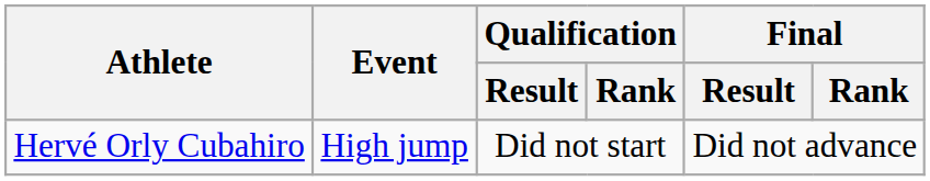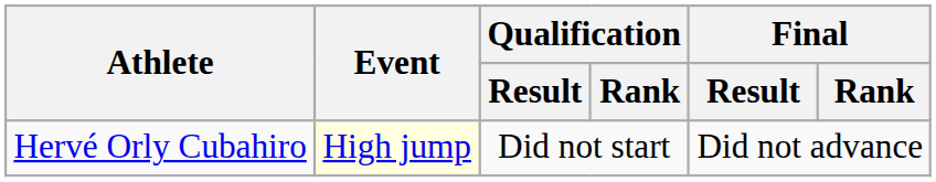 <table class="wikitable" style="font-size:90%; text-align:center">
 <tr>
 <th rowspan="2">Athlete</th>
 <th rowspan="2">Event</th>
 <th colspan="2">Qualification</th>
 <th colspan="2">Final</th>
 </tr>
 <tr>
 <th>Result</th>
 <th>Rank</th>
 <th>Result</th>
 <th>Rank</th>
 </tr>
 <tr>
 <td align="left"><a href='#'>Hervé Orly Cubahiro</a></td>
-<td align="left"><a href='#'>High jump</a></td>
+<td align="left" style="background: lightyellow;"><a href='#'>High jump</a></td>
 <td colspan=2>Did not start</td>
 <td colspan=2>Did not advance</td>
 </tr>
 </table>
